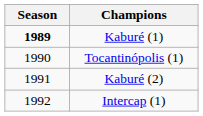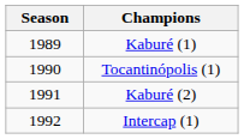 <table class="wikitable" style="text-align:center; margin-left:1em;">
 <tr>
 <th style="width:70px">Season</th>
 <th style="width:145px">Champions</th>
 </tr>
 <tr>
-<td><strong>1989</strong></td>
+<td>1989</td>
 <td><a href='#'>Kaburé</a> (1)</td>
 </tr>
 <tr>
 <td>1990</td>
 <td><a href='#'>Tocantinópolis</a> (1)</td>
 </tr>
 <tr>
 <td>1991</td>
 <td><a href='#'>Kaburé</a> (2)</td>
 </tr>
 <tr>
 <td>1992</td>
 <td><a href='#'>Intercap</a> (1)</td>
 </tr>
 </table>
